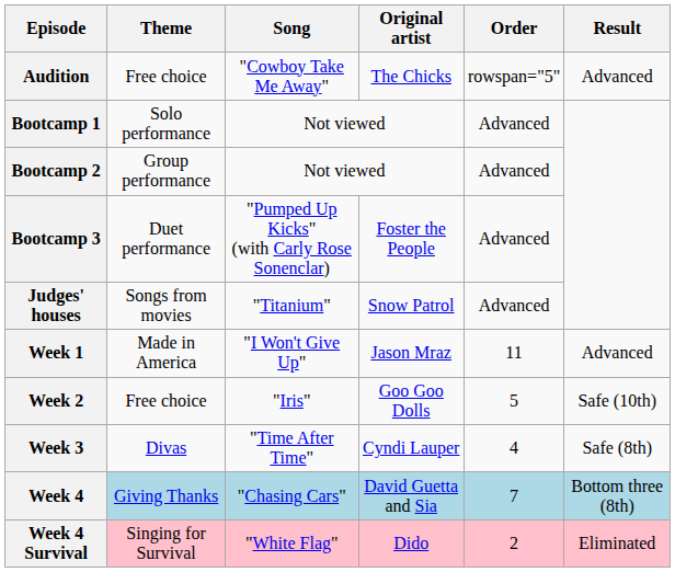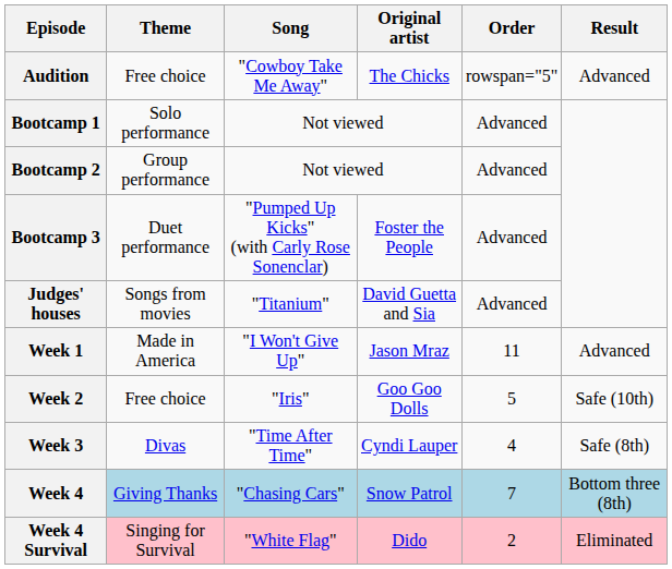 <table class="wikitable" style="text-align:center;">
 <tr>
 <th scope="col">Episode</th>
 <th scope="col">Theme</th>
 <th scope="col">Song</th>
 <th scope="col">Original artist</th>
 <th scope="col">Order</th>
 <th scope="col">Result</th>
 </tr>
 <tr>
 <th scope="row">Audition</th>
 <td>Free choice</td>
 <td>"<a href='#'>Cowboy Take Me Away</a>"</td>
 <td><a href='#'>The Chicks</a></td>
 <td>rowspan="5" </td>
 <td>Advanced</td>
 </tr>
 <tr>
 <th scope="row">Bootcamp 1</th>
 <td>Solo performance</td>
 <td colspan="2">Not viewed</td>
 <td>Advanced</td>
 </tr>
 <tr>
 <th scope="row">Bootcamp 2</th>
 <td>Group performance</td>
 <td colspan="2">Not viewed</td>
 <td>Advanced</td>
 </tr>
 <tr>
 <th scope="row">Bootcamp 3</th>
 <td>Duet performance</td>
 <td>"<a href='#'>Pumped Up Kicks</a>"<br><span>(with <a href='#'>Carly Rose Sonenclar</a>)</span></td>
 <td><a href='#'>Foster the People</a></td>
 <td>Advanced</td>
 </tr>
 <tr>
 <th scope="row">Judges' houses</th>
 <td>Songs from movies</td>
 <td>"<a href='#'>Titanium</a>"</td>
-<td><a href='#'>Snow Patrol</a></td>
+<td><a href='#'>David Guetta</a> and <a href='#'>Sia</a></td>
 <td>Advanced</td>
 </tr>
 <tr>
 <th scope="row">Week 1</th>
 <td>Made in America</td>
 <td>"<a href='#'>I Won't Give Up</a>"</td>
 <td><a href='#'>Jason Mraz</a></td>
 <td>11</td>
 <td>Advanced</td>
 </tr>
 <tr>
 <th scope="row">Week 2</th>
 <td>Free choice</td>
 <td>"<a href='#'>Iris</a>"</td>
 <td><a href='#'>Goo Goo Dolls</a></td>
 <td>5</td>
 <td>Safe (10th)</td>
 </tr>
 <tr>
 <th scope="row">Week 3</th>
 <td><a href='#'>Divas</a></td>
 <td>"<a href='#'>Time After Time</a>"</td>
 <td><a href='#'>Cyndi Lauper</a></td>
 <td>4</td>
 <td>Safe (8th)</td>
 </tr>
 <tr style="background:lightblue;">
 <th scope="row">Week 4</th>
 <td><a href='#'>Giving Thanks</a></td>
 <td>"<a href='#'>Chasing Cars</a>"</td>
-<td><a href='#'>David Guetta</a> and <a href='#'>Sia</a></td>
+<td><a href='#'>Snow Patrol</a></td>
 <td>7</td>
 <td>Bottom three (8th)</td>
 </tr>
 <tr style="background:pink;">
 <th scope="row">Week 4 Survival</th>
 <td>Singing for Survival</td>
 <td>"<a href='#'>White Flag</a>"</td>
 <td><a href='#'>Dido</a></td>
 <td>2</td>
 <td>Eliminated</td>
 </tr>
 </table>
